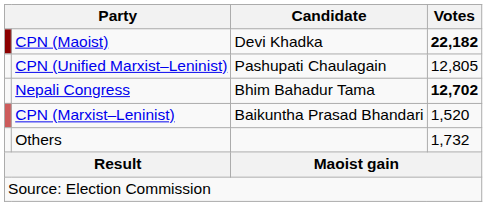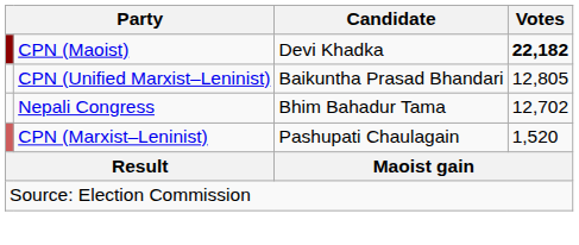 <table class="wikitable">
 <tr>
 <th colspan="2">Party</th>
 <th>Candidate</th>
 <th>Votes</th>
 </tr>
 <tr>
 <td style="background-color:darkred"></td>
 <td><a href='#'>CPN (Maoist)</a></td>
 <td>Devi Khadka</td>
 <td><strong>22,182</strong></td>
 </tr>
 <tr>
 <td style="background-color:"></td>
 <td><a href='#'>CPN (Unified Marxist–Leninist)</a></td>
-<td>Pashupati Chaulagain</td>
+<td>Baikuntha Prasad Bhandari</td>
 <td>12,805</td>
 </tr>
 <tr>
 <td style="background-color:"></td>
 <td><a href='#'>Nepali Congress</a></td>
 <td>Bhim Bahadur Tama</td>
-<td><strong>12,702</strong></td>
+<td>12,702</td>
 </tr>
 <tr>
 <td style="background-color:indianred"></td>
 <td><a href='#'>CPN (Marxist–Leninist)</a></td>
-<td>Baikuntha Prasad Bhandari</td>
+<td>Pashupati Chaulagain</td>
 <td>1,520</td>
-</tr>
-<tr>
-<td></td>
-<td>Others</td>
-<td></td>
-<td>1,732</td>
 </tr>
 <tr>
 <th colspan="2">Result</th>
 <th colspan="2">Maoist gain</th>
 </tr>
 <tr>
 <td colspan="4">Source: Election Commission</td>
 </tr>
 </table>
